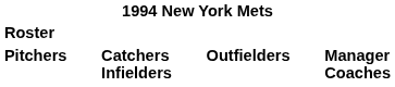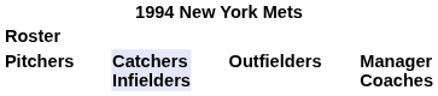 <table class="toccolours" style="font-size: 95%;">
 <tr>
 <th colspan="10">1994 New York Mets</th>
 </tr>
 <tr>
 <td colspan="10"><strong>Roster</strong></td>
 </tr>
 <tr>
 <td valign="top"><strong>Pitchers</strong><br>                 </td>
 <td width="25px"></td>
-<td valign="top"><strong>Catchers</strong><br>  <strong>Infielders</strong>         </td>
+<td valign="top" style="background: lavender;"><strong>Catchers</strong><br>  <strong>Infielders</strong>         </td>
 <td width="25px"></td>
 <td valign="top"><strong>Outfielders</strong><br>       </td>
 <td width="25px"></td>
 <td valign="top"><strong>Manager</strong><br> <strong>Coaches</strong>      </td>
 </tr>
 </table>
